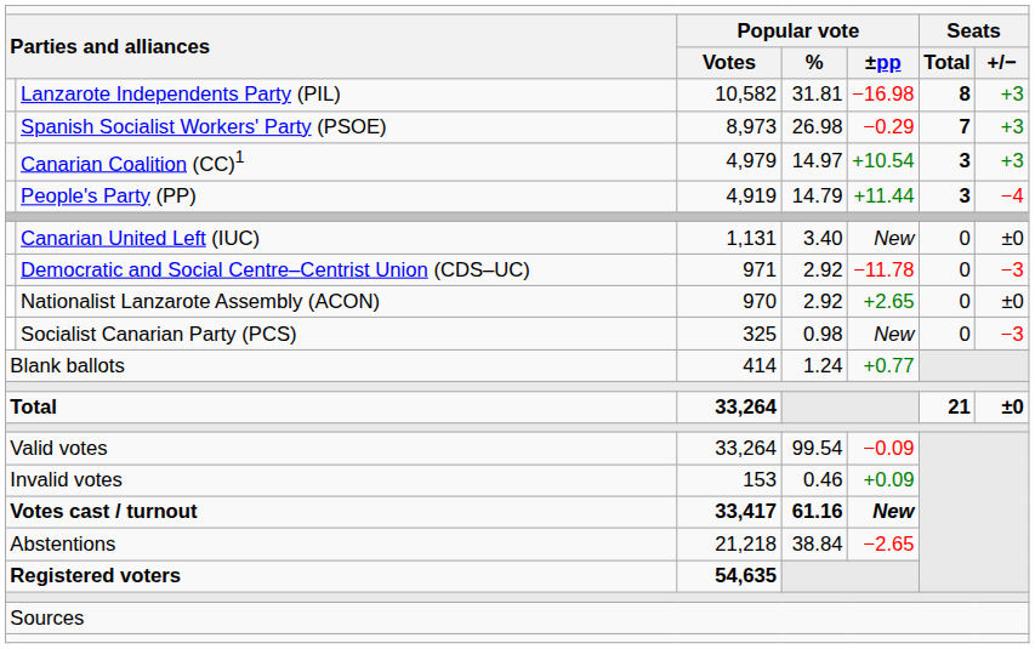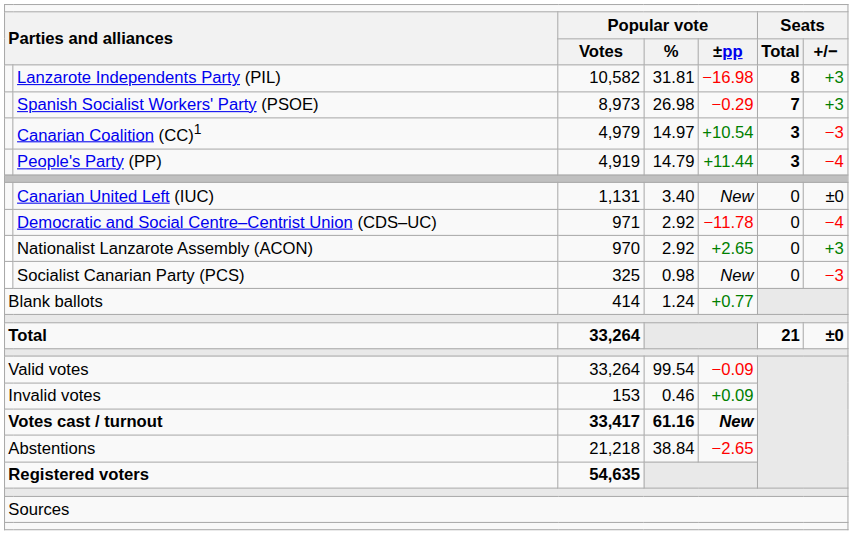 <table class="wikitable" style="text-align:right;">
 <tr>
 <td colspan="7"></td>
 </tr>
 <tr>
 <th style="text-align:left;" rowspan="2" colspan="2" width="525">Parties and alliances</th>
 <th colspan="3">Popular vote</th>
 <th colspan="2">Seats</th>
 </tr>
 <tr>
 <th width="75">Votes</th>
 <th width="45">%</th>
 <th width="45">±<a href='#'>pp</a></th>
 <th width="35">Total</th>
 <th width="35">+/−</th>
 </tr>
 <tr>
 <td width="1" style="color:inherit;background:"></td>
 <td align="left"><a href='#'>Lanzarote Independents Party</a> (PIL)</td>
 <td>10,582</td>
 <td>31.81</td>
 <td style="color:red;">−16.98</td>
 <td><strong>8</strong></td>
 <td style="color:green;">+3</td>
 </tr>
 <tr>
 <td style="color:inherit;background:"></td>
 <td align="left"><a href='#'>Spanish Socialist Workers' Party</a> (PSOE)</td>
 <td>8,973</td>
 <td>26.98</td>
 <td style="color:red;">−0.29</td>
 <td><strong>7</strong></td>
 <td style="color:green;">+3</td>
 </tr>
 <tr>
 <td style="color:inherit;background:"></td>
 <td align="left"><a href='#'>Canarian Coalition</a> (CC)<sup>1</sup></td>
 <td>4,979</td>
 <td>14.97</td>
 <td style="color:green;">+10.54</td>
 <td><strong>3</strong></td>
-<td style="color:green;">+3</td>
+<td style="color:red;">−3</td>
 </tr>
 <tr>
 <td style="color:inherit;background:"></td>
 <td align="left"><a href='#'>People's Party</a> (PP)</td>
 <td>4,919</td>
 <td>14.79</td>
 <td style="color:green;">+11.44</td>
 <td><strong>3</strong></td>
 <td style="color:red;">−4</td>
 </tr>
 <tr>
 <td colspan="7" bgcolor="#C0C0C0"></td>
 </tr>
 <tr>
 <td style="color:inherit;background:"></td>
 <td align="left"><a href='#'>Canarian United Left</a> (IUC)</td>
 <td>1,131</td>
 <td>3.40</td>
 <td><em>New</em></td>
 <td>0</td>
 <td>±0</td>
 </tr>
 <tr>
 <td style="color:inherit;background:"></td>
 <td align="left"><a href='#'>Democratic and Social Centre–Centrist Union</a> (CDS–UC)</td>
 <td>971</td>
 <td>2.92</td>
 <td style="color:red;">−11.78</td>
 <td>0</td>
-<td style="color:red;">−3</td>
+<td style="color:red;">−4</td>
 </tr>
 <tr>
 <td bgcolor="white"></td>
 <td align="left">Nationalist Lanzarote Assembly (ACON)</td>
 <td>970</td>
 <td>2.92</td>
 <td style="color:green;">+2.65</td>
 <td>0</td>
-<td>±0</td>
+<td style="color:green;">+3</td>
 </tr>
 <tr>
 <td bgcolor="white"></td>
 <td align="left">Socialist Canarian Party (PCS)</td>
 <td>325</td>
 <td>0.98</td>
 <td><em>New</em></td>
 <td>0</td>
 <td style="color:red;">−3</td>
 </tr>
 <tr>
 <td align="left" colspan="2">Blank ballots</td>
 <td>414</td>
 <td>1.24</td>
 <td style="color:green;">+0.77</td>
 <td bgcolor="#E9E9E9" colspan="2"></td>
 </tr>
 <tr>
 <td colspan="7" bgcolor="#E9E9E9"></td>
 </tr>
 <tr style="font-weight:bold;">
 <td align="left" colspan="2">Total</td>
 <td>33,264</td>
 <td bgcolor="#E9E9E9" colspan="2"></td>
 <td>21</td>
 <td>±0</td>
 </tr>
 <tr>
 <td colspan="7" bgcolor="#E9E9E9"></td>
 </tr>
 <tr>
 <td align="left" colspan="2">Valid votes</td>
 <td>33,264</td>
 <td>99.54</td>
 <td style="color:red;">−0.09</td>
 <td bgcolor="#E9E9E9" colspan="2" rowspan="5"></td>
 </tr>
 <tr>
 <td align="left" colspan="2">Invalid votes</td>
 <td>153</td>
 <td>0.46</td>
 <td style="color:green;">+0.09</td>
 </tr>
 <tr style="font-weight:bold;">
 <td align="left" colspan="2">Votes cast / turnout</td>
 <td>33,417</td>
 <td>61.16</td>
 <td><em>New</em></td>
 </tr>
 <tr>
 <td align="left" colspan="2">Abstentions</td>
 <td>21,218</td>
 <td>38.84</td>
 <td style="color:red;">−2.65</td>
 </tr>
 <tr style="font-weight:bold;">
 <td align="left" colspan="2">Registered voters</td>
 <td>54,635</td>
 <td bgcolor="#E9E9E9" colspan="2"></td>
 </tr>
 <tr>
 <td colspan="7" bgcolor="#E9E9E9"></td>
 </tr>
 <tr>
 <td align="left" colspan="7">Sources</td>
 </tr>
 <tr>
 <td colspan="7" style="text-align:left; max-width:790px;"></td>
 </tr>
 </table>
